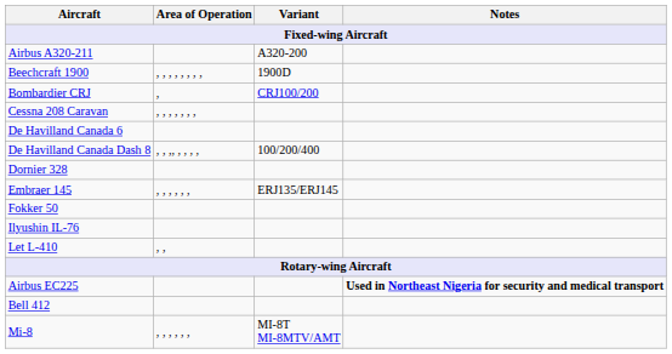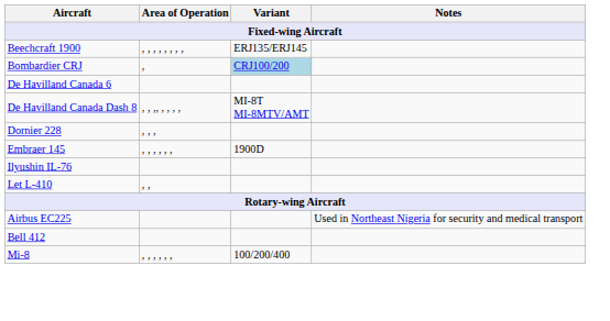 <table class="wikitable">
 <tr>
 <th>Aircraft</th>
 <th>Area of Operation</th>
 <th>Variant</th>
 <th>Notes</th>
 </tr>
 <tr>
 <th colspan="4" style="align: center; background: lavender;"><strong>Fixed-wing Aircraft</strong></th>
 </tr>
 <tr>
-<td><a href='#'>Airbus A320-211</a></td>
-<td></td>
-<td>A320-200</td>
-<td></td>
-</tr>
-<tr>
 <td><a href='#'>Beechcraft 1900</a></td>
 <td>, , , , , , , , </td>
-<td>1900D</td>
+<td>ERJ135/ERJ145</td>
 <td></td>
 </tr>
 <tr>
 <td><a href='#'>Bombardier CRJ</a></td>
 <td>, </td>
-<td><a href='#'>CRJ100/200</a></td>
-<td></td>
-</tr>
-<tr>
-<td><a href='#'>Cessna 208 Caravan</a></td>
-<td>, , , , , , , </td>
-<td></td>
+<td style="background: lightblue;"><a href='#'>CRJ100/200</a></td>
 <td></td>
 </tr>
 <tr>
 <td><a href='#'>De Havilland Canada 6</a></td>
 <td></td>
 <td></td>
 <td></td>
 </tr>
 <tr>
 <td><a href='#'>De Havilland Canada Dash 8</a></td>
 <td>, , ,, , , , , </td>
-<td>100/200/400</td>
+<td>MI-8T<br><a href='#'>MI-8MTV/AMT</a></td>
 <td></td>
 </tr>
 <tr>
-<td><a href='#'>Dornier 328</a></td>
-<td></td>
+<td><a href='#'>Dornier 228</a></td>
+<td>, , , </td>
 <td></td>
 <td></td>
 </tr>
 <tr>
 <td><a href='#'>Embraer 145</a></td>
 <td>, , , , , , </td>
-<td>ERJ135/ERJ145</td>
-<td></td>
-</tr>
-<tr>
-<td><a href='#'>Fokker 50</a></td>
-<td></td>
-<td></td>
+<td>1900D</td>
 <td></td>
 </tr>
 <tr>
 <td><a href='#'>Ilyushin IL-76</a></td>
 <td></td>
 <td></td>
 <td></td>
 </tr>
 <tr>
 <td><a href='#'>Let L-410</a></td>
 <td>, , </td>
 <td></td>
 <td></td>
 </tr>
 <tr>
 <th style="align: center; background: lavender;" colspan="4">Rotary-wing Aircraft</th>
 </tr>
 <tr>
 <td><a href='#'>Airbus EC225</a></td>
 <td></td>
 <td></td>
-<td><strong>Used in <a href='#'>Northeast Nigeria</a> for security and medical transport</strong></td>
+<td>Used in <a href='#'>Northeast Nigeria</a> for security and medical transport</td>
 </tr>
 <tr>
 <td><a href='#'>Bell 412</a></td>
 <td></td>
 <td></td>
 <td></td>
 </tr>
 <tr>
 <td><a href='#'>Mi-8</a></td>
 <td>, , , , , ,</td>
-<td>MI-8T<br><a href='#'>MI-8MTV/AMT</a></td>
+<td>100/200/400</td>
 <td></td>
 </tr>
 </table>
